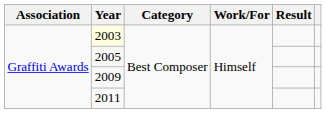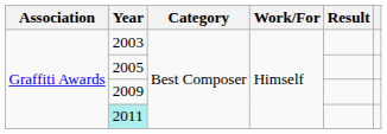 <table class="wikitable">
 <tr>
 <th>Association</th>
 <th>Year</th>
 <th>Category</th>
 <th>Work/For</th>
 <th>Result</th>
 <th></th>
 </tr>
 <tr>
 <td rowspan="4"><a href='#'>Graffiti Awards</a></td>
-<td style="background: lightyellow;">2003</td>
+<td>2003</td>
 <td rowspan="4">Best Composer</td>
 <td rowspan="4">Himself</td>
 <td></td>
 <td style="text-align:center;"></td>
 </tr>
 <tr>
 <td>2005</td>
 <td></td>
 <td style="text-align:center;"></td>
 </tr>
 <tr>
 <td>2009</td>
 <td></td>
 <td style="text-align:center;"></td>
 </tr>
 <tr>
-<td>2011</td>
+<td style="background: paleturquoise;">2011</td>
 <td></td>
 <td style="text-align:center;"></td>
 </tr>
 </table>
